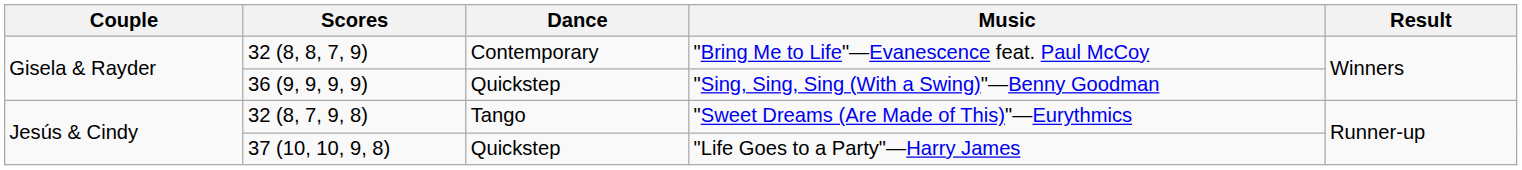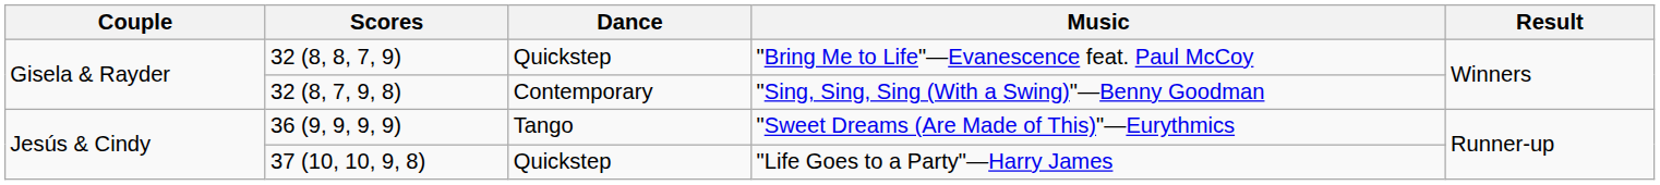 <table class="wikitable sortable" style="width:95%; white-space:nowrap;">
 <tr>
 <th style="width:15%;">Couple</th>
 <th style="width:14%;">Scores</th>
 <th style="width:14%;">Dance</th>
 <th style="width:40%;">Music</th>
 <th style="width:12%;">Result</th>
 </tr>
 <tr>
 <td rowspan=2>Gisela & Rayder</td>
 <td>32 (8, 8, 7, 9)</td>
-<td>Contemporary</td>
+<td>Quickstep</td>
 <td>"<a href='#'>Bring Me to Life</a>"—<a href='#'>Evanescence</a> feat. <a href='#'>Paul McCoy</a></td>
 <td rowspan=2>Winners</td>
 </tr>
 <tr>
-<td>36 (9, 9, 9, 9)</td>
-<td>Quickstep</td>
+<td>32 (8, 7, 9, 8)</td>
+<td>Contemporary</td>
 <td>"<a href='#'>Sing, Sing, Sing (With a Swing)</a>"—<a href='#'>Benny Goodman</a></td>
 </tr>
 <tr>
 <td rowspan=2>Jesús & Cindy</td>
-<td>32 (8, 7, 9, 8)</td>
+<td>36 (9, 9, 9, 9)</td>
 <td>Tango</td>
 <td>"<a href='#'>Sweet Dreams (Are Made of This)</a>"—<a href='#'>Eurythmics</a></td>
 <td rowspan=2>Runner-up</td>
 </tr>
 <tr>
 <td>37 (10, 10, 9, 8)</td>
 <td>Quickstep</td>
 <td>"Life Goes to a Party"—<a href='#'>Harry James</a></td>
 </tr>
 </table>
